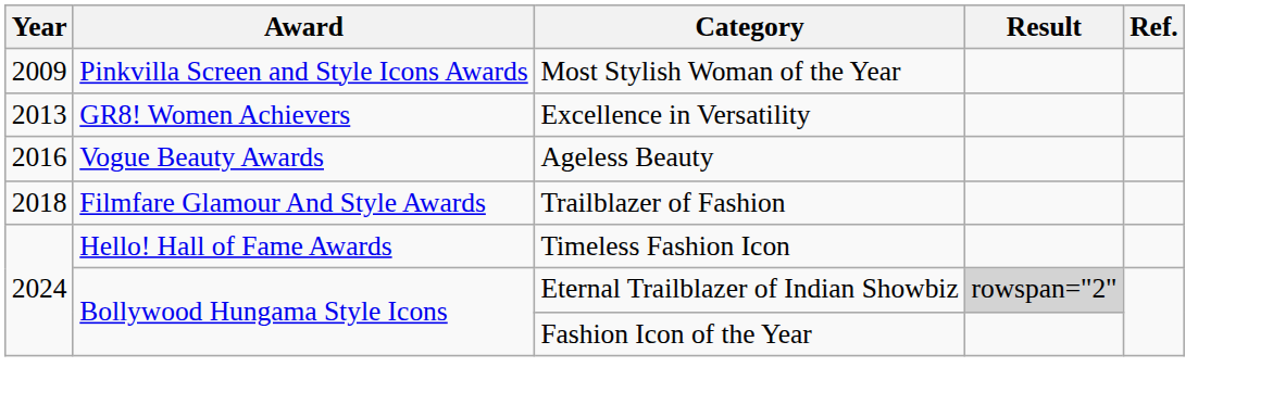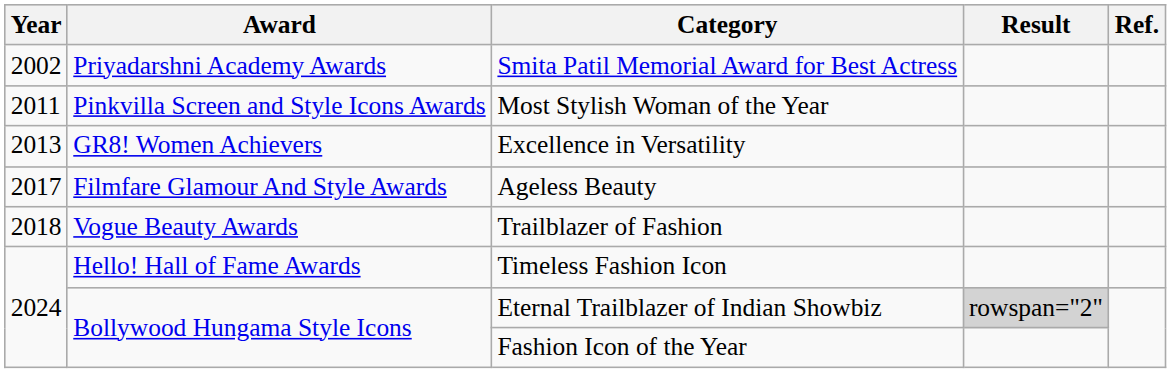 <table class="wikitable">
 <tr>
 <th>Year</th>
 <th>Award</th>
 <th>Category</th>
 <th>Result</th>
 <th>Ref.</th>
 </tr>
 <tr>
-<td>2009</td>
+<td>2002</td>
+<td><a href='#'>Priyadarshni Academy Awards</a></td>
+<td><a href='#'>Smita Patil Memorial Award for Best Actress</a></td>
+<td></td>
+<td></td>
+</tr>
+<tr>
+<td>2011</td>
 <td><a href='#'>Pinkvilla Screen and Style Icons Awards</a></td>
 <td>Most Stylish Woman of the Year</td>
 <td></td>
 <td></td>
 </tr>
 <tr>
 <td>2013</td>
 <td><a href='#'>GR8! Women Achievers</a></td>
 <td>Excellence in Versatility</td>
 <td></td>
 <td></td>
 </tr>
 <tr>
-<td>2016</td>
-<td><a href='#'>Vogue Beauty Awards</a></td>
+<td>2017</td>
+<td><a href='#'>Filmfare Glamour And Style Awards</a></td>
 <td>Ageless Beauty</td>
 <td></td>
 <td></td>
 </tr>
 <tr>
 <td>2018</td>
-<td><a href='#'>Filmfare Glamour And Style Awards</a></td>
+<td><a href='#'>Vogue Beauty Awards</a></td>
 <td>Trailblazer of Fashion</td>
 <td></td>
 <td></td>
 </tr>
 <tr>
 <td rowspan="3">2024</td>
 <td><a href='#'>Hello! Hall of Fame Awards</a></td>
 <td>Timeless Fashion Icon</td>
 <td></td>
 <td></td>
 </tr>
 <tr>
 <td rowspan="2"><a href='#'>Bollywood Hungama Style Icons</a></td>
 <td>Eternal Trailblazer of Indian Showbiz</td>
 <td style="background: lightgrey;">rowspan="2" </td>
 <td rowspan="2"></td>
 </tr>
 <tr>
 <td>Fashion Icon of the Year</td>
 </tr>
 </table>
